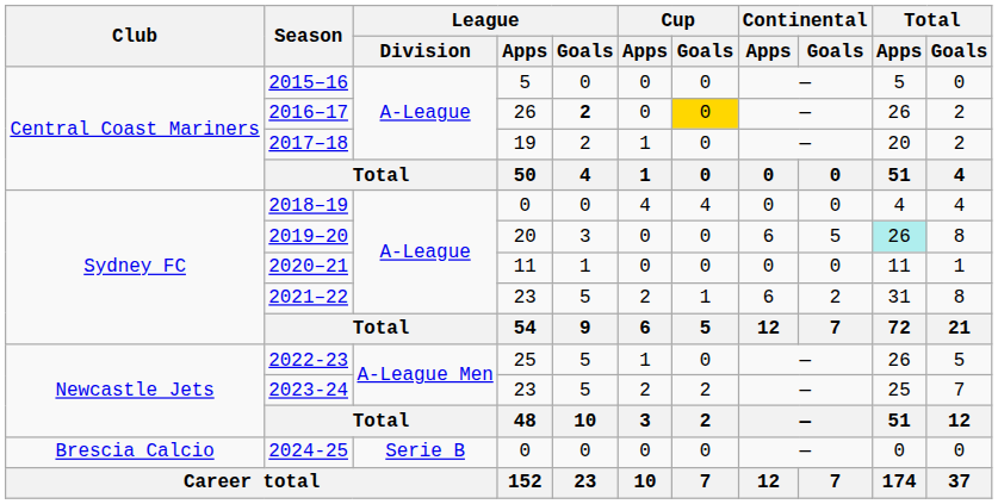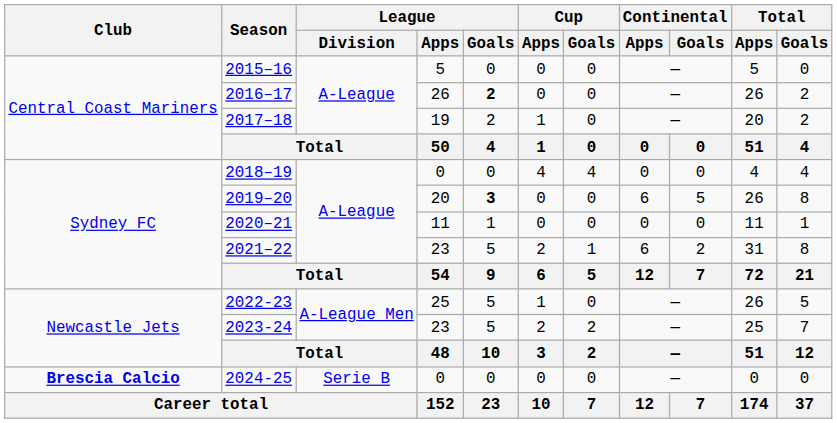 <table class="wikitable" border="1" style="font-size:100%; text-align: center;">
 <tr>
 <th rowspan="2">Club</th>
 <th rowspan="2">Season</th>
 <th colspan="3">League</th>
 <th colspan="2">Cup</th>
 <th colspan="2">Continental</th>
 <th colspan="2">Total</th>
 </tr>
 <tr>
 <th>Division</th>
 <th>Apps</th>
 <th>Goals</th>
 <th>Apps</th>
 <th>Goals</th>
 <th>Apps</th>
 <th>Goals</th>
 <th>Apps</th>
 <th>Goals</th>
 </tr>
 <tr>
 <td rowspan=4><a href='#'>Central Coast Mariners</a></td>
 <td><a href='#'>2015–16</a></td>
 <td rowspan=3><a href='#'>A-League</a></td>
 <td>5</td>
 <td>0</td>
 <td>0</td>
 <td>0</td>
 <td colspan="2">—</td>
 <td>5</td>
 <td>0</td>
 </tr>
 <tr>
 <td><a href='#'>2016–17</a></td>
 <td>26</td>
 <td><strong>2</strong></td>
 <td>0</td>
-<td style="background: gold;">0</td>
+<td>0</td>
 <td colspan="2">—</td>
 <td>26</td>
 <td>2</td>
 </tr>
 <tr>
 <td><a href='#'>2017–18</a></td>
 <td>19</td>
 <td>2</td>
 <td>1</td>
 <td>0</td>
 <td colspan="2">—</td>
 <td>20</td>
 <td>2</td>
 </tr>
 <tr>
 <th colspan=2>Total</th>
 <th>50</th>
 <th>4</th>
 <th>1</th>
 <th>0</th>
 <th>0</th>
 <th>0</th>
 <th>51</th>
 <th>4</th>
 </tr>
 <tr>
 <td rowspan="5"><a href='#'>Sydney FC</a></td>
 <td><a href='#'>2018–19</a></td>
 <td rowspan=4><a href='#'>A-League</a></td>
 <td>0</td>
 <td>0</td>
 <td>4</td>
 <td>4</td>
 <td>0</td>
 <td>0</td>
 <td>4</td>
 <td>4</td>
 </tr>
 <tr>
 <td><a href='#'>2019–20</a></td>
 <td>20</td>
-<td>3</td>
+<td><strong>3</strong></td>
 <td>0</td>
 <td>0</td>
 <td>6</td>
 <td>5</td>
-<td style="background: paleturquoise;">26</td>
+<td>26</td>
 <td>8</td>
 </tr>
 <tr>
 <td><a href='#'>2020–21</a></td>
 <td>11</td>
 <td>1</td>
 <td>0</td>
 <td>0</td>
 <td>0</td>
 <td>0</td>
 <td>11</td>
 <td>1</td>
 </tr>
 <tr>
 <td><a href='#'>2021–22</a></td>
 <td>23</td>
 <td>5</td>
 <td>2</td>
 <td>1</td>
 <td>6</td>
 <td>2</td>
 <td>31</td>
 <td>8</td>
 </tr>
 <tr>
 <th colspan="2">Total</th>
 <th>54</th>
 <th>9</th>
 <th>6</th>
 <th>5</th>
 <th>12</th>
 <th>7</th>
 <th>72</th>
 <th>21</th>
 </tr>
 <tr>
 <td rowspan="3"><a href='#'>Newcastle Jets</a></td>
 <td><a href='#'>2022-23</a></td>
 <td rowspan="2"><a href='#'>A-League Men</a></td>
 <td>25</td>
 <td>5</td>
 <td>1</td>
 <td>0</td>
 <td colspan="2">—</td>
 <td>26</td>
 <td>5</td>
 </tr>
 <tr>
 <td><a href='#'>2023-24</a></td>
 <td>23</td>
 <td>5</td>
 <td>2</td>
 <td>2</td>
 <td colspan="2">—</td>
 <td>25</td>
 <td>7</td>
 </tr>
 <tr>
 <th colspan="2">Total</th>
 <th>48</th>
 <th>10</th>
 <th>3</th>
 <th>2</th>
 <th colspan="2">—</th>
 <th>51</th>
 <th>12</th>
 </tr>
 <tr>
-<td><a href='#'>Brescia Calcio</a></td>
+<td><strong><a href='#'>Brescia Calcio</a></strong></td>
 <td><a href='#'>2024-25</a></td>
 <td><a href='#'>Serie B</a></td>
 <td>0</td>
 <td>0</td>
 <td>0</td>
 <td>0</td>
 <td colspan="2">—</td>
 <td>0</td>
 <td>0</td>
 </tr>
 <tr>
 <th colspan="3">Career total</th>
 <th>152</th>
 <th>23</th>
 <th>10</th>
 <th>7</th>
 <th>12</th>
 <th>7</th>
 <th>174</th>
 <th>37</th>
 </tr>
 </table>
